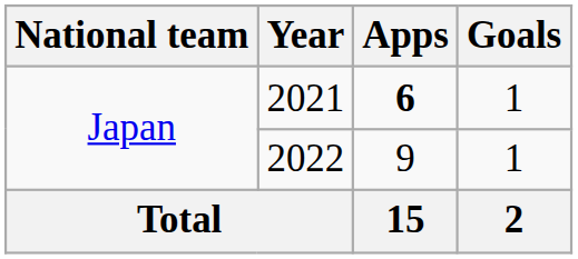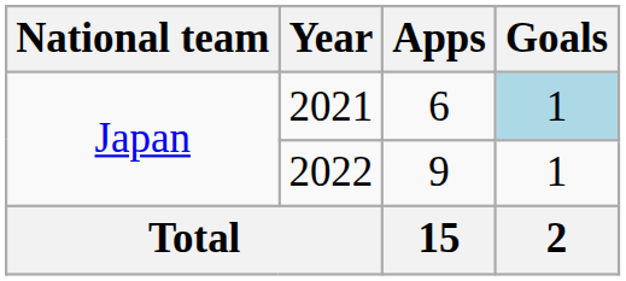 <table class="wikitable" style="text-align: center;">
 <tr>
 <th>National team</th>
 <th>Year</th>
 <th>Apps</th>
 <th>Goals</th>
 </tr>
 <tr>
 <td rowspan="2"><a href='#'>Japan</a></td>
 <td>2021</td>
-<td><strong>6</strong></td>
-<td>1</td>
+<td>6</td>
+<td style="background: lightblue;">1</td>
 </tr>
 <tr>
 <td>2022</td>
 <td>9</td>
 <td>1</td>
 </tr>
 <tr>
 <th colspan="2">Total</th>
 <th>15</th>
 <th>2</th>
 </tr>
 </table>
